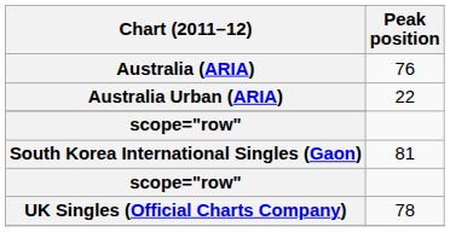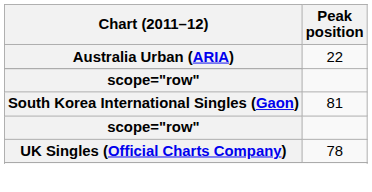 <table class="wikitable sortable plainrowheaders">
 <tr>
 <th scope="col">Chart (2011–12)</th>
 <th scope="col">Peak<br>position</th>
-</tr>
-<tr>
-<th scope="row">Australia (<a href='#'>ARIA</a>)</th>
-<td style="text-align:center;">76</td>
 </tr>
 <tr>
 <th scope="row">Australia Urban (<a href='#'>ARIA</a>)</th>
 <td style="text-align:center;">22</td>
 </tr>
 <tr>
 </tr>
 <tr>
 <th>scope="row"</th>
 </tr>
 <tr>
 <th scope="row">South Korea International Singles (<a href='#'>Gaon</a>)</th>
 <td style="text-align:center;">81</td>
 </tr>
 <tr>
 <th>scope="row"</th>
 </tr>
 <tr>
 <th scope="row">UK Singles (<a href='#'>Official Charts Company</a>)</th>
 <td style="text-align:center;">78</td>
 </tr>
 <tr>
 </tr>
 <tr>
 </tr>
 <tr>
 </tr>
 <tr>
 </tr>
 </table>
